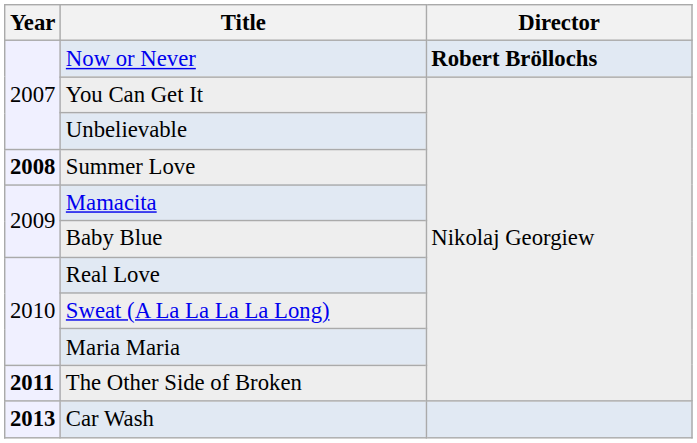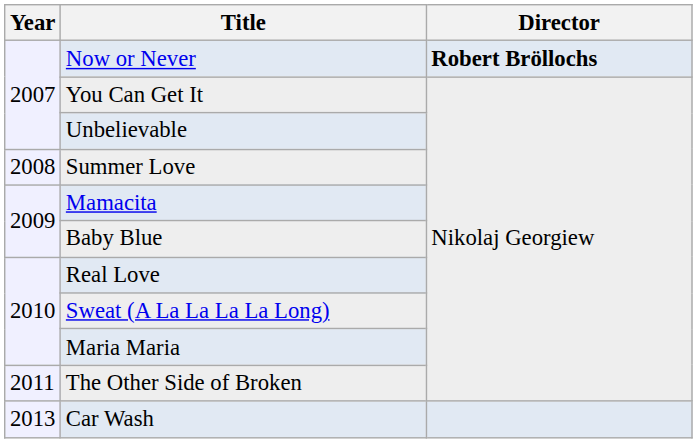 <table class="wikitable">
 <tr class="hintergrundfarbe8">
 <th width="25">Year</th>
 <th width="250">Title</th>
 <th width="180">Director</th>
 </tr>
 <tr bgcolor="#E1E9F3">
 <td rowspan="3" bgcolor="#f0f0ff">2007</td>
 <td><a href='#'>Now or Never</a></td>
 <td><strong>Robert Bröllochs</strong></td>
 </tr>
 <tr bgcolor="#eeeeee">
 <td>You Can Get It</td>
 <td rowspan=9>Nikolaj Georgiew</td>
 </tr>
 <tr bgcolor="#E1E9F3">
 <td>Unbelievable</td>
 </tr>
 <tr bgcolor="#eeeeee">
-<td bgcolor="#f0f0ff"><strong>2008</strong></td>
+<td bgcolor="#f0f0ff">2008</td>
 <td>Summer Love</td>
 </tr>
 <tr bgcolor="#E1E9F3">
 <td rowspan="2" bgcolor="#f0f0ff">2009</td>
 <td><a href='#'>Mamacita</a></td>
 </tr>
 <tr bgcolor="#eeeeee">
 <td>Baby Blue</td>
 </tr>
 <tr bgcolor="#E1E9F3">
 <td rowspan="3" bgcolor="#f0f0ff">2010</td>
 <td>Real Love</td>
 </tr>
 <tr bgcolor="#eeeeee">
 <td><a href='#'>Sweat (A La La La La Long)</a></td>
 </tr>
 <tr bgcolor="#E1E9F3">
 <td>Maria Maria</td>
 </tr>
 <tr bgcolor="#eeeeee">
-<td bgcolor="#f0f0ff"><strong>2011</strong></td>
+<td bgcolor="#f0f0ff">2011</td>
 <td>The Other Side of Broken</td>
 </tr>
 <tr bgcolor="#E1E9F3">
-<td bgcolor="#f0f0ff"><strong>2013</strong></td>
+<td bgcolor="#f0f0ff">2013</td>
 <td>Car Wash</td>
 <td></td>
 </tr>
 </table>
